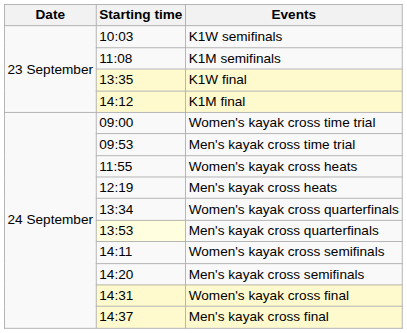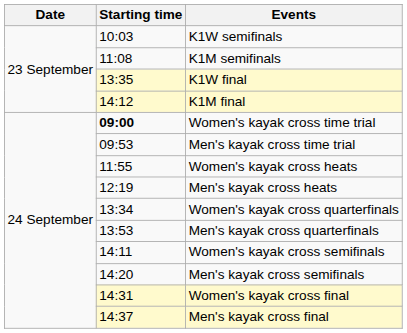 <table class="wikitable">
 <tr>
 <th>Date</th>
 <th>Starting time</th>
 <th>Events</th>
 </tr>
 <tr>
 <td rowspan=4>23 September</td>
 <td>10:03</td>
 <td>K1W semifinals</td>
 </tr>
 <tr>
 <td>11:08</td>
 <td>K1M semifinals</td>
 </tr>
 <tr bgcolor=lemonchiffon>
 <td>13:35</td>
 <td>K1W final</td>
 </tr>
 <tr bgcolor=lemonchiffon>
 <td>14:12</td>
 <td>K1M final</td>
 </tr>
 <tr>
 <td rowspan=10>24 September</td>
-<td>09:00</td>
+<td><strong>09:00</strong></td>
 <td>Women's kayak cross time trial</td>
 </tr>
 <tr>
 <td>09:53</td>
 <td>Men's kayak cross time trial</td>
 </tr>
 <tr>
 <td>11:55</td>
 <td>Women's kayak cross heats</td>
 </tr>
 <tr>
 <td>12:19</td>
 <td>Men's kayak cross heats</td>
 </tr>
 <tr>
 <td>13:34</td>
 <td>Women's kayak cross quarterfinals</td>
 </tr>
 <tr>
-<td style="background: lightyellow;">13:53</td>
+<td>13:53</td>
 <td>Men's kayak cross quarterfinals</td>
 </tr>
 <tr>
 <td>14:11</td>
 <td>Women's kayak cross semifinals</td>
 </tr>
 <tr>
 <td>14:20</td>
 <td>Men's kayak cross semifinals</td>
 </tr>
 <tr bgcolor=lemonchiffon>
 <td>14:31</td>
 <td>Women's kayak cross final</td>
 </tr>
 <tr bgcolor=lemonchiffon>
 <td>14:37</td>
 <td>Men's kayak cross final</td>
 </tr>
 </table>
